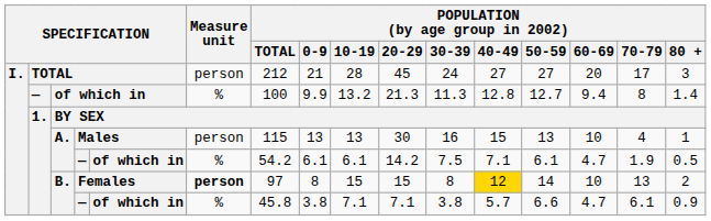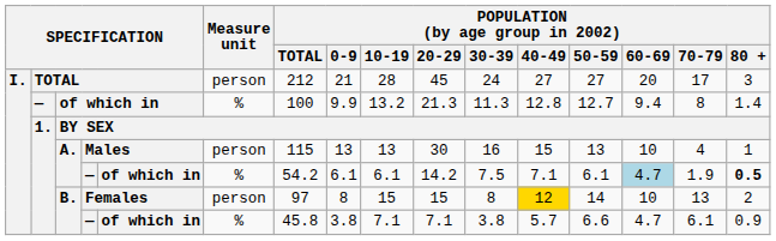 <table class="wikitable" style="font-size:85%; text-align:center">
 <tr>
 <th rowspan="2" colspan="5">SPECIFICATION</th>
 <th rowspan="2">Measure<br> unit</th>
 <th colspan="10" rowspan="1">POPULATION<br> (by age group in 2002)</th>
 </tr>
 <tr>
 <th>TOTAL</th>
 <th>0-9</th>
 <th>10-19</th>
 <th>20-29</th>
 <th>30-39</th>
 <th>40-49</th>
 <th>50-59</th>
 <th>60-69</th>
 <th>70-79</th>
 <th>80 +</th>
 </tr>
 <tr>
 <th style="text-align:left" valign="top" rowspan="7">I.</th>
 <th style="text-align:left" colspan="4">TOTAL</th>
 <td>person</td>
 <td>212</td>
 <td>21</td>
 <td>28</td>
 <td>45</td>
 <td>24</td>
 <td>27</td>
 <td>27</td>
 <td>20</td>
 <td>17</td>
 <td>3</td>
 </tr>
 <tr>
 <th style="text-align:left" valign="top">—</th>
 <th style="text-align:left" colspan="3">of which in</th>
 <td>%</td>
 <td>100</td>
 <td>9.9</td>
 <td>13.2</td>
 <td>21.3</td>
 <td>11.3</td>
 <td>12.8</td>
 <td>12.7</td>
 <td>9.4</td>
 <td>8</td>
 <td>1.4</td>
 </tr>
 <tr>
 <th style="text-align:left" valign="top" rowspan="5">1.</th>
 <th style="text-align:left" colspan="14">BY SEX</th>
 </tr>
 <tr>
 <th style="text-align:left" valign="top" rowspan="2">A.</th>
 <th style="text-align:left" colspan="2">Males</th>
 <td>person</td>
 <td>115</td>
 <td>13</td>
 <td>13</td>
 <td>30</td>
 <td>16</td>
 <td>15</td>
 <td>13</td>
 <td>10</td>
 <td>4</td>
 <td>1</td>
 </tr>
 <tr>
 <th style="text-align:left" valign="top">—</th>
 <th style="text-align:left" colspan="1">of which in</th>
 <td>%</td>
 <td>54.2</td>
 <td>6.1</td>
 <td>6.1</td>
 <td>14.2</td>
 <td>7.5</td>
 <td>7.1</td>
 <td>6.1</td>
-<td>4.7</td>
+<td style="background: lightblue;">4.7</td>
 <td>1.9</td>
-<td>0.5</td>
+<td><strong>0.5</strong></td>
 </tr>
 <tr>
 <th style="text-align:left" valign="top" rowspan="2">B.</th>
 <th style="text-align:left" colspan="2">Females</th>
-<td><strong>person</strong></td>
+<td>person</td>
 <td>97</td>
 <td>8</td>
 <td>15</td>
 <td>15</td>
 <td>8</td>
 <td style="background: gold;">12</td>
 <td>14</td>
 <td>10</td>
 <td>13</td>
 <td>2</td>
 </tr>
 <tr>
 <th style="text-align:left" valign="top">—</th>
 <th style="text-align:left" colspan="1">of which in</th>
 <td>%</td>
 <td>45.8</td>
 <td>3.8</td>
 <td>7.1</td>
 <td>7.1</td>
 <td>3.8</td>
 <td>5.7</td>
 <td>6.6</td>
 <td>4.7</td>
 <td>6.1</td>
 <td>0.9</td>
 </tr>
 </table>
